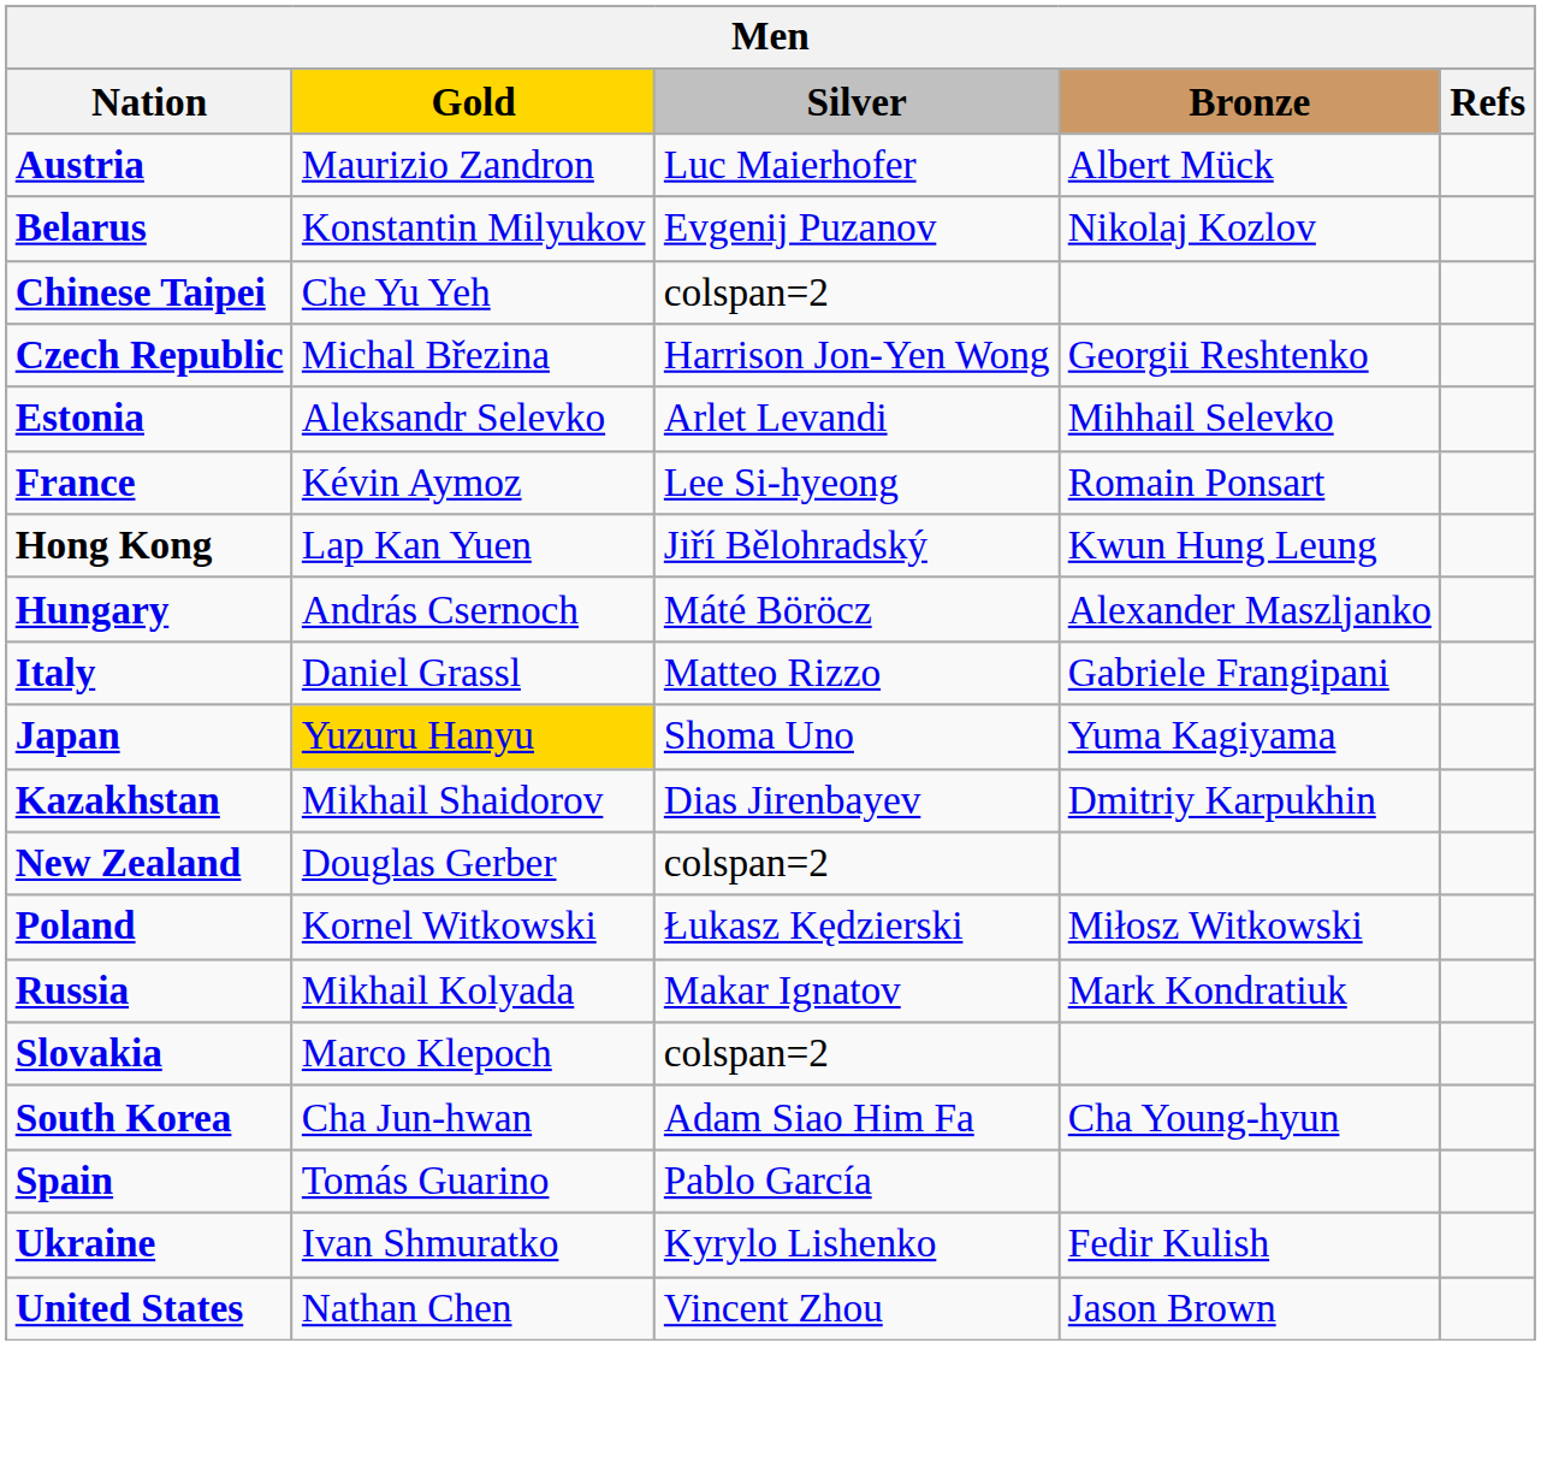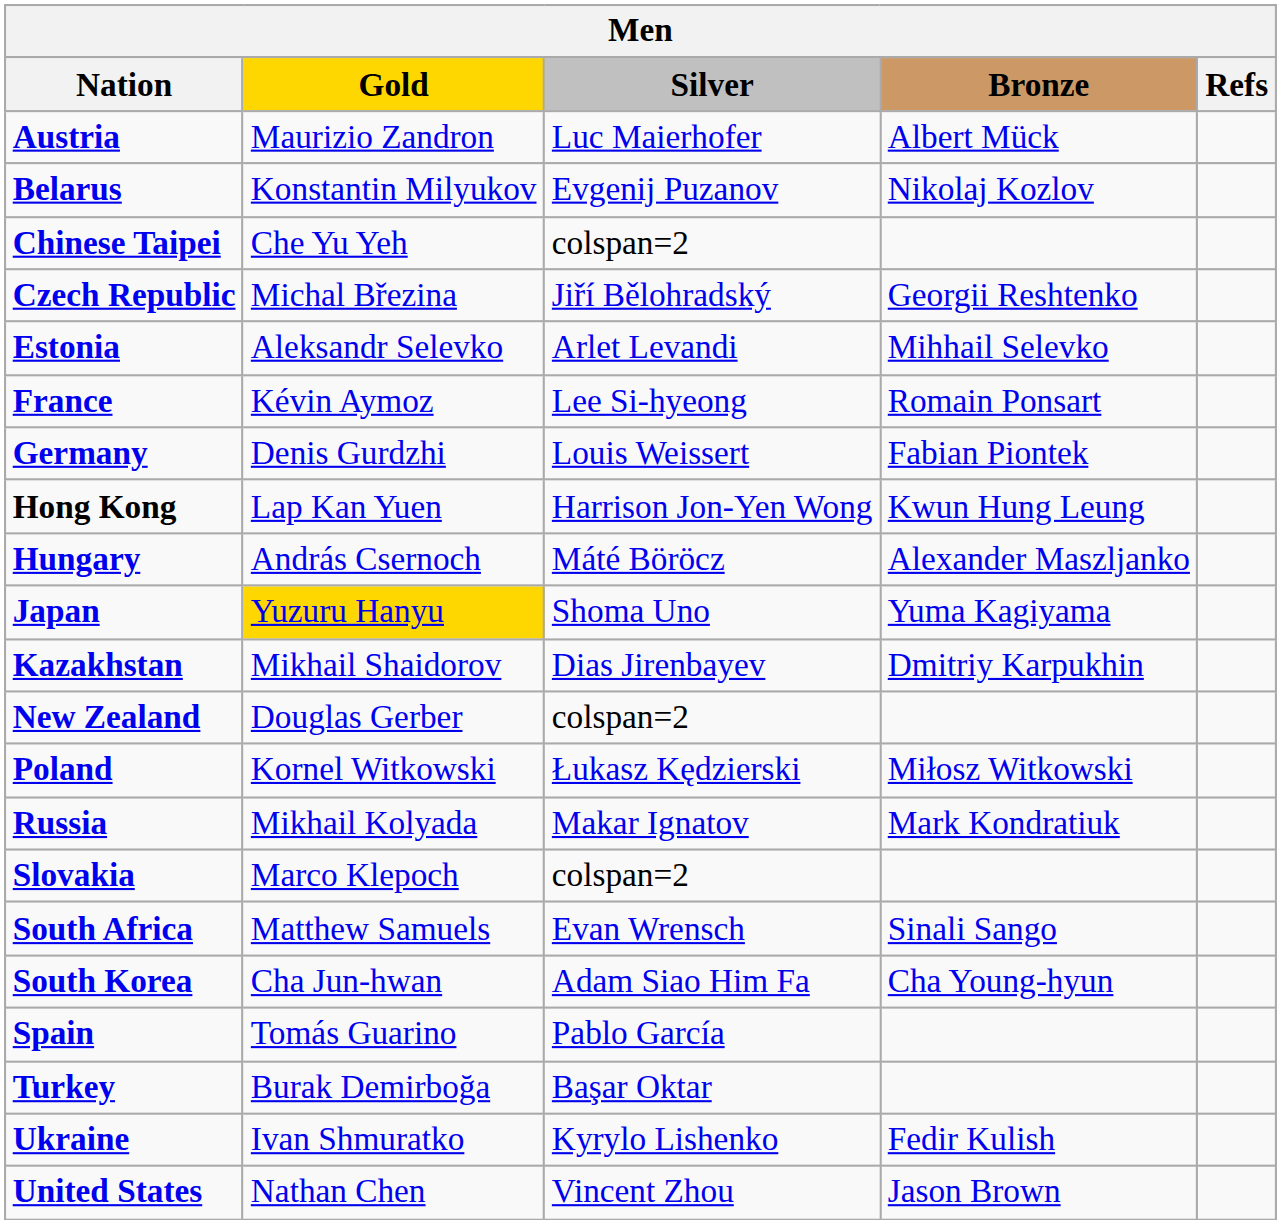 <table class="wikitable">
 <tr>
 <th colspan=5>Men</th>
 </tr>
 <tr>
 <th>Nation</th>
 <td style="text-align:center; background:gold;"><strong>Gold</strong></td>
 <td style="text-align:center; background:silver;"><strong>Silver</strong></td>
 <td style="text-align:center; background:#c96;"><strong>Bronze</strong></td>
 <th>Refs</th>
 </tr>
 <tr>
 <td><strong> <a href='#'>Austria</a></strong></td>
 <td><a href='#'>Maurizio Zandron</a></td>
 <td><a href='#'>Luc Maierhofer</a></td>
 <td><a href='#'>Albert Mück</a></td>
 <td></td>
 </tr>
 <tr>
 <td><strong> <a href='#'>Belarus</a></strong></td>
 <td><a href='#'>Konstantin Milyukov</a></td>
 <td><a href='#'>Evgenij Puzanov</a></td>
 <td><a href='#'>Nikolaj Kozlov</a></td>
 <td></td>
 </tr>
 <tr>
 <td><strong> <a href='#'>Chinese Taipei</a></strong></td>
 <td><a href='#'>Che Yu Yeh</a></td>
 <td>colspan=2 </td>
 <td></td>
 </tr>
 <tr>
 <td><strong> <a href='#'>Czech Republic</a></strong></td>
 <td><a href='#'>Michal Březina</a></td>
-<td><a href='#'>Harrison Jon-Yen Wong</a></td>
+<td><a href='#'>Jiří Bělohradský</a></td>
 <td><a href='#'>Georgii Reshtenko</a></td>
 <td></td>
 </tr>
 <tr>
 <td><strong> <a href='#'>Estonia</a></strong></td>
 <td><a href='#'>Aleksandr Selevko</a></td>
 <td><a href='#'>Arlet Levandi</a></td>
 <td><a href='#'>Mihhail Selevko</a></td>
 <td></td>
 </tr>
 <tr>
 <td><strong> <a href='#'>France</a></strong></td>
 <td><a href='#'>Kévin Aymoz</a></td>
 <td><a href='#'>Lee Si-hyeong</a></td>
 <td><a href='#'>Romain Ponsart</a></td>
 <td></td>
 </tr>
 <tr>
+<td><strong> <a href='#'>Germany</a></strong></td>
+<td><a href='#'>Denis Gurdzhi</a></td>
+<td><a href='#'>Louis Weissert</a></td>
+<td><a href='#'>Fabian Piontek</a></td>
+<td></td>
+</tr>
+<tr>
 <td><strong> Hong Kong</strong></td>
 <td><a href='#'>Lap Kan Yuen</a></td>
-<td><a href='#'>Jiří Bělohradský</a></td>
+<td><a href='#'>Harrison Jon-Yen Wong</a></td>
 <td><a href='#'>Kwun Hung Leung</a></td>
 <td></td>
 </tr>
 <tr>
 <td><strong> <a href='#'>Hungary</a></strong></td>
 <td><a href='#'>András Csernoch</a></td>
 <td><a href='#'>Máté Böröcz</a></td>
 <td><a href='#'>Alexander Maszljanko</a></td>
-<td></td>
-</tr>
-<tr>
-<td><strong> <a href='#'>Italy</a></strong></td>
-<td><a href='#'>Daniel Grassl</a></td>
-<td><a href='#'>Matteo Rizzo</a></td>
-<td><a href='#'>Gabriele Frangipani</a></td>
 <td></td>
 </tr>
 <tr>
 <td><strong> <a href='#'>Japan</a></strong></td>
 <td style="background: gold;"><a href='#'>Yuzuru Hanyu</a></td>
 <td><a href='#'>Shoma Uno</a></td>
 <td><a href='#'>Yuma Kagiyama</a></td>
 <td></td>
 </tr>
 <tr>
 <td><strong> <a href='#'>Kazakhstan</a></strong></td>
 <td><a href='#'>Mikhail Shaidorov</a></td>
 <td><a href='#'>Dias Jirenbayev</a></td>
 <td><a href='#'>Dmitriy Karpukhin</a></td>
 <td></td>
 </tr>
 <tr>
 <td><strong> <a href='#'>New Zealand</a></strong></td>
 <td><a href='#'>Douglas Gerber</a></td>
 <td>colspan=2 </td>
 <td></td>
 </tr>
 <tr>
 <td><strong> <a href='#'>Poland</a></strong></td>
 <td><a href='#'>Kornel Witkowski</a></td>
 <td><a href='#'>Łukasz Kędzierski</a></td>
 <td><a href='#'>Miłosz Witkowski</a></td>
 <td></td>
 </tr>
 <tr>
 <td><strong> <a href='#'>Russia</a></strong></td>
 <td><a href='#'>Mikhail Kolyada</a></td>
 <td><a href='#'>Makar Ignatov</a></td>
 <td><a href='#'>Mark Kondratiuk</a></td>
 <td></td>
 </tr>
 <tr>
 <td><strong> <a href='#'>Slovakia</a></strong></td>
 <td><a href='#'>Marco Klepoch</a></td>
 <td>colspan=2 </td>
 <td></td>
 </tr>
 <tr>
+<td><strong> <a href='#'>South Africa</a></strong></td>
+<td><a href='#'>Matthew Samuels</a></td>
+<td><a href='#'>Evan Wrensch</a></td>
+<td><a href='#'>Sinali Sango</a></td>
+<td></td>
+</tr>
+<tr>
 <td><strong> <a href='#'>South Korea</a></strong></td>
 <td><a href='#'>Cha Jun-hwan</a></td>
 <td><a href='#'>Adam Siao Him Fa</a></td>
 <td><a href='#'>Cha Young-hyun</a></td>
 <td></td>
 </tr>
 <tr>
 <td><strong> <a href='#'>Spain</a></strong></td>
 <td><a href='#'>Tomás Guarino</a></td>
 <td><a href='#'>Pablo García</a></td>
+<td></td>
+<td></td>
+</tr>
+<tr>
+<td><strong> <a href='#'>Turkey</a></strong></td>
+<td><a href='#'>Burak Demirboğa</a></td>
+<td><a href='#'>Başar Oktar</a></td>
 <td></td>
 <td></td>
 </tr>
 <tr>
 <td><strong> <a href='#'>Ukraine</a></strong></td>
 <td><a href='#'>Ivan Shmuratko</a></td>
 <td><a href='#'>Kyrylo Lishenko</a></td>
 <td><a href='#'>Fedir Kulish</a></td>
 <td></td>
 </tr>
 <tr>
 <td><strong> <a href='#'>United States</a></strong></td>
 <td><a href='#'>Nathan Chen</a></td>
 <td><a href='#'>Vincent Zhou</a></td>
 <td><a href='#'>Jason Brown</a></td>
 <td></td>
 </tr>
 </table>
